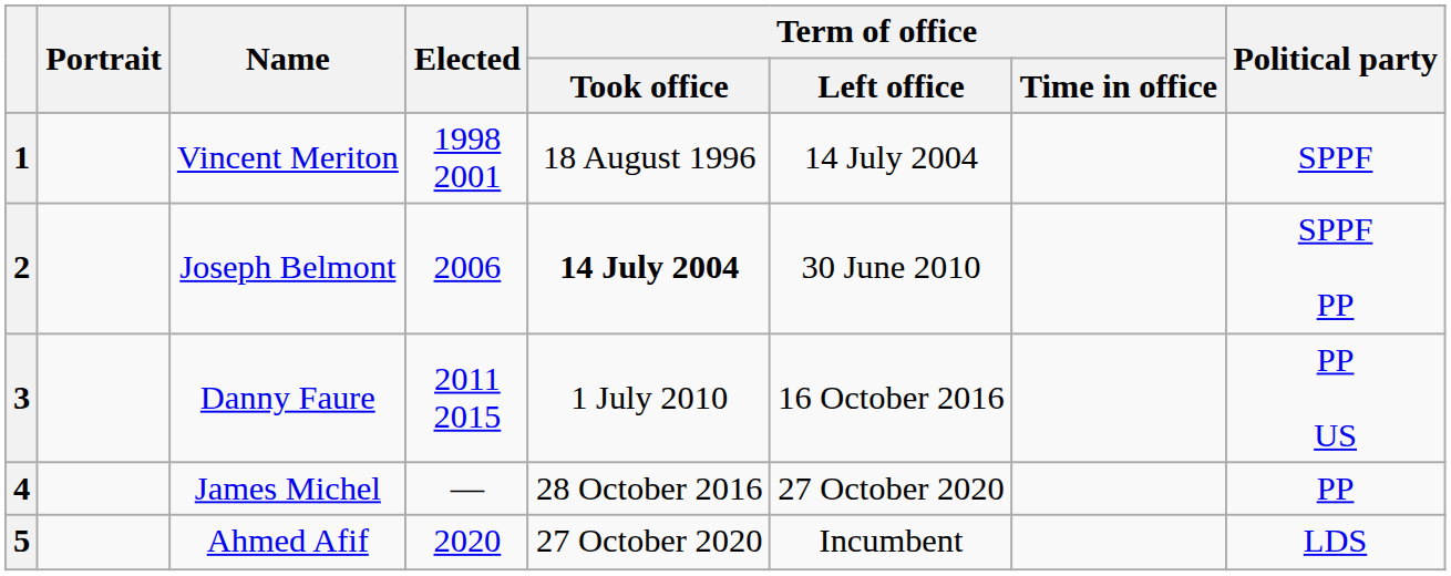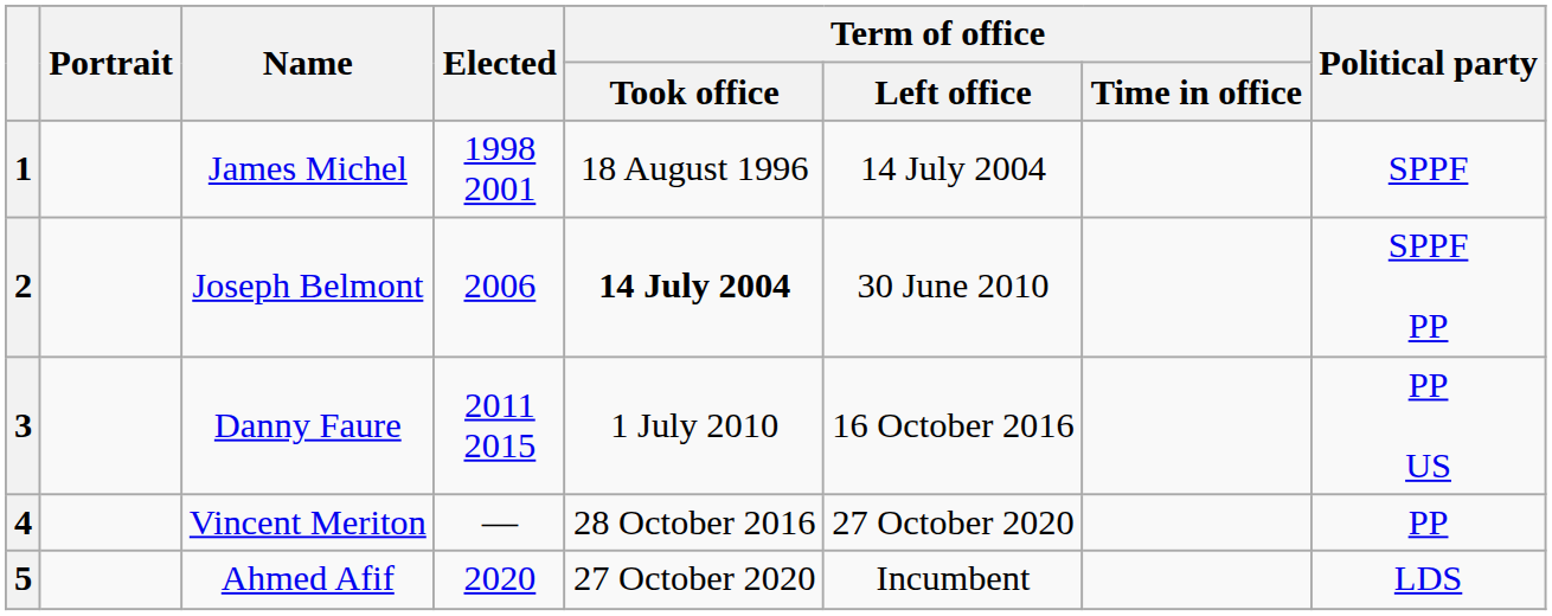 <table class="wikitable" style="text-align:center">
 <tr>
 <th rowspan="2"></th>
 <th rowspan="2">Portrait</th>
 <th rowspan="2">Name<br></th>
 <th rowspan="2">Elected</th>
 <th colspan="3">Term of office</th>
 <th rowspan="2">Political party</th>
 </tr>
 <tr>
 <th>Took office</th>
 <th>Left office</th>
 <th>Time in office</th>
 </tr>
 <tr>
 <th style="background:">1</th>
 <td></td>
-<td><a href='#'>Vincent Meriton</a><br></td>
+<td><a href='#'>James Michel</a><br></td>
 <td><a href='#'>1998</a><br><a href='#'>2001</a></td>
 <td>18 August 1996</td>
 <td>14 July 2004<br></td>
 <td></td>
 <td><a href='#'>SPPF</a></td>
 </tr>
 <tr>
 <th style="background:">2</th>
 <td></td>
 <td><a href='#'>Joseph Belmont</a><br></td>
 <td><a href='#'>2006</a></td>
 <td><strong>14 July 2004</strong></td>
 <td>30 June 2010<br></td>
 <td></td>
 <td><a href='#'>SPPF</a><br><br><a href='#'>PP</a></td>
 </tr>
 <tr>
 <th style="background:">3</th>
 <td></td>
 <td><a href='#'>Danny Faure</a><br></td>
 <td><a href='#'>2011</a><br><a href='#'>2015</a></td>
 <td>1 July 2010</td>
 <td>16 October 2016<br></td>
 <td></td>
 <td><a href='#'>PP</a><br><br><a href='#'>US</a></td>
 </tr>
 <tr>
 <th style="background:">4</th>
 <td></td>
-<td><a href='#'>James Michel</a><br></td>
+<td><a href='#'>Vincent Meriton</a><br></td>
 <td>—</td>
 <td>28 October 2016</td>
 <td>27 October 2020</td>
 <td></td>
 <td><a href='#'>PP</a></td>
 </tr>
 <tr>
 <th style="background:">5</th>
 <td></td>
 <td><a href='#'>Ahmed Afif</a><br></td>
 <td><a href='#'>2020</a></td>
 <td>27 October 2020</td>
 <td>Incumbent</td>
 <td></td>
 <td><a href='#'>LDS</a></td>
 </tr>
 </table>
